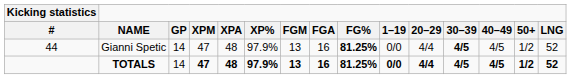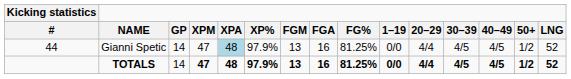 <table class="wikitable sortable" style="text-align:center;">
 <tr>
 <th style="text-align:center; ">Kicking statistics</th>
 </tr>
 <tr>
 <th>#</th>
 <th>NAME</th>
 <th>GP</th>
 <th>XPM</th>
 <th>XPA</th>
 <th>XP%</th>
 <th>FGM</th>
 <th>FGA</th>
 <th>FG%</th>
 <th>1–19</th>
 <th>20–29</th>
 <th>30–39</th>
 <th>40–49</th>
 <th>50+</th>
 <th>LNG</th>
 </tr>
 <tr>
 <td>44</td>
 <td>Gianni Spetic</td>
 <td>14</td>
 <td>47</td>
-<td>48</td>
+<td style="background: lightblue;">48</td>
 <td>97.9%</td>
 <td>13</td>
 <td>16</td>
-<td><strong>81.25%</strong></td>
+<td>81.25%</td>
 <td>0/0</td>
 <td>4/4</td>
-<td><strong>4/5</strong></td>
+<td>4/5</td>
 <td>4/5</td>
 <td>1/2</td>
 <td>52</td>
 </tr>
 <tr>
 <td></td>
 <td><strong>TOTALS</strong></td>
 <td>14</td>
 <td><strong>47</strong></td>
 <td><strong>48</strong></td>
 <td><strong>97.9%</strong></td>
 <td><strong>13</strong></td>
 <td><strong>16</strong></td>
 <td><strong>81.25%</strong></td>
 <td><strong>0/0</strong></td>
 <td><strong>4/4</strong></td>
 <td><strong>4/5</strong></td>
 <td><strong>4/5</strong></td>
 <td><strong>1/2</strong></td>
 <td><strong>52</strong></td>
 </tr>
 </table>
